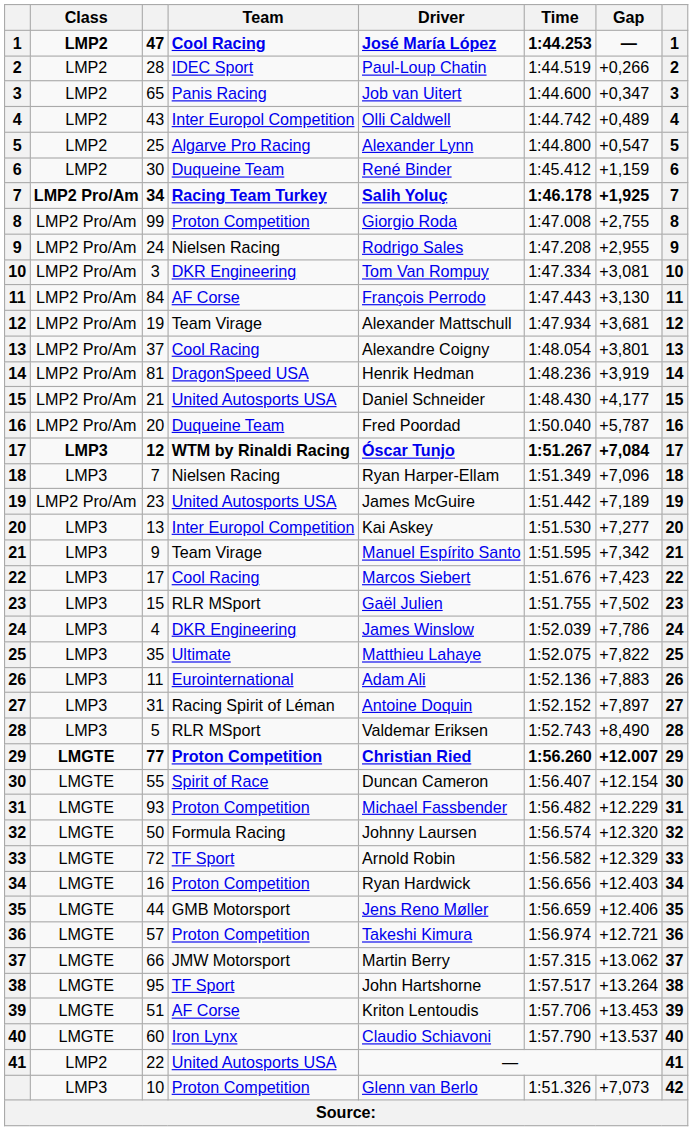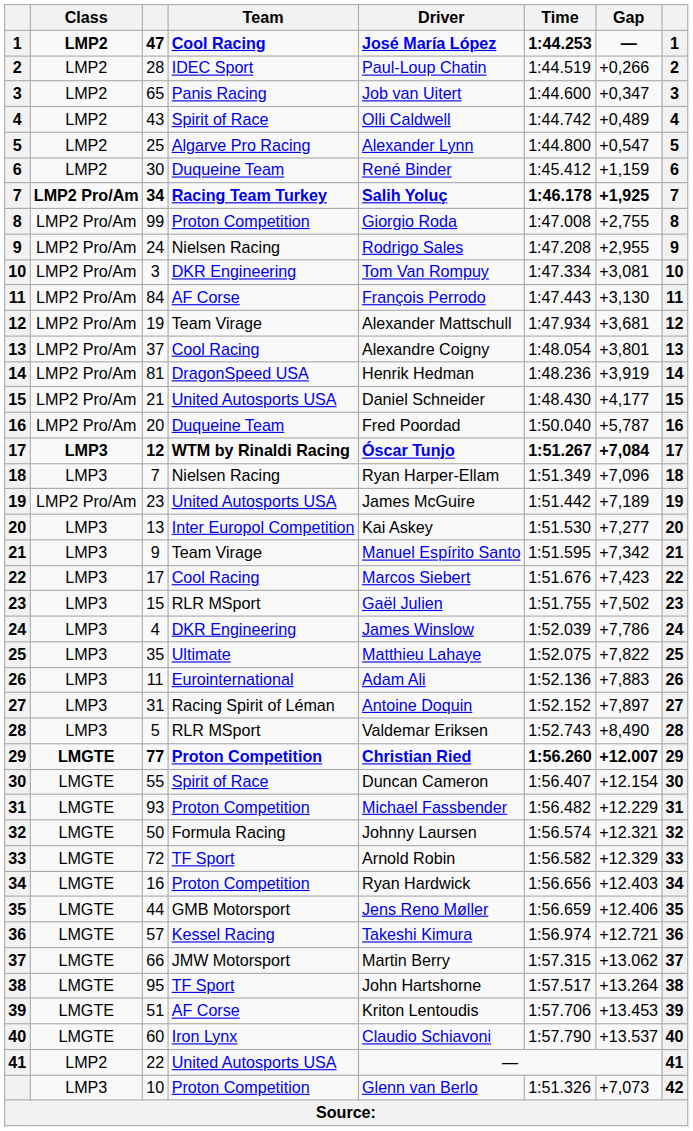 <table class="wikitable sortable" style="font-size: 90%;">
 <tr>
 <th></th>
 <th class="unsortable">Class</th>
 <th class="unsortable"></th>
 <th class="unsortable">Team</th>
 <th class="unsortable">Driver</th>
 <th class="unsortable">Time</th>
 <th class="unsortable">Gap</th>
 <th></th>
 </tr>
 <tr style="font-weight: bold;">
 <th>1</th>
 <td align="center">LMP2</td>
 <td align="center">47</td>
 <td> <a href='#'>Cool Racing</a></td>
 <td> <a href='#'>José María López</a></td>
 <td>1:44.253</td>
 <td align="center">—</td>
 <th>1</th>
 </tr>
 <tr>
 <th>2</th>
 <td align="center">LMP2</td>
 <td align="center">28</td>
 <td> <a href='#'>IDEC Sport</a></td>
 <td> <a href='#'>Paul-Loup Chatin</a></td>
 <td>1:44.519</td>
 <td>+0,266</td>
 <th>2</th>
 </tr>
 <tr>
 <th>3</th>
 <td align="center">LMP2</td>
 <td align="center">65</td>
 <td> <a href='#'>Panis Racing</a></td>
 <td> <a href='#'>Job van Uitert</a></td>
 <td>1:44.600</td>
 <td>+0,347</td>
 <th>3</th>
 </tr>
 <tr>
 <th>4</th>
 <td align="center">LMP2</td>
 <td align="center">43</td>
-<td> <a href='#'>Inter Europol Competition</a></td>
+<td> <a href='#'>Spirit of Race</a></td>
 <td> <a href='#'>Olli Caldwell</a></td>
 <td>1:44.742</td>
 <td>+0,489</td>
 <th>4</th>
 </tr>
 <tr>
 <th>5</th>
 <td align="center">LMP2</td>
 <td align="center">25</td>
 <td> <a href='#'>Algarve Pro Racing</a></td>
 <td> <a href='#'>Alexander Lynn</a></td>
 <td>1:44.800</td>
 <td>+0,547</td>
 <th>5</th>
 </tr>
 <tr>
 <th>6</th>
 <td align="center">LMP2</td>
 <td align="center">30</td>
 <td> <a href='#'>Duqueine Team</a></td>
 <td> <a href='#'>René Binder</a></td>
 <td>1:45.412</td>
 <td>+1,159</td>
 <th>6</th>
 </tr>
 <tr style="font-weight: bold;">
 <th>7</th>
 <td align="center">LMP2 Pro/Am</td>
 <td align="center">34</td>
 <td> <a href='#'>Racing Team Turkey</a></td>
 <td> <a href='#'>Salih Yoluç</a></td>
 <td>1:46.178</td>
 <td>+1,925</td>
 <th>7</th>
 </tr>
 <tr>
 <th>8</th>
 <td align="center">LMP2 Pro/Am</td>
 <td align="center">99</td>
 <td> <a href='#'>Proton Competition</a></td>
 <td> <a href='#'>Giorgio Roda</a></td>
 <td>1:47.008</td>
 <td>+2,755</td>
 <th>8</th>
 </tr>
 <tr>
 <th>9</th>
 <td align="center">LMP2 Pro/Am</td>
 <td align="center">24</td>
 <td> Nielsen Racing</td>
 <td> <a href='#'>Rodrigo Sales</a></td>
 <td>1:47.208</td>
 <td>+2,955</td>
 <th>9</th>
 </tr>
 <tr>
 <th>10</th>
 <td align="center">LMP2 Pro/Am</td>
 <td align="center">3</td>
 <td> <a href='#'>DKR Engineering</a></td>
 <td> <a href='#'>Tom Van Rompuy</a></td>
 <td>1:47.334</td>
 <td>+3,081</td>
 <th>10</th>
 </tr>
 <tr>
 <th>11</th>
 <td align="center">LMP2 Pro/Am</td>
 <td align="center">84</td>
 <td> <a href='#'>AF Corse</a></td>
 <td> <a href='#'>François Perrodo</a></td>
 <td>1:47.443</td>
 <td>+3,130</td>
 <th>11</th>
 </tr>
 <tr>
 <th>12</th>
 <td align="center">LMP2 Pro/Am</td>
 <td align="center">19</td>
 <td> Team Virage</td>
 <td> Alexander Mattschull</td>
 <td>1:47.934</td>
 <td>+3,681</td>
 <th>12</th>
 </tr>
 <tr>
 <th>13</th>
 <td align="center">LMP2 Pro/Am</td>
 <td align="center">37</td>
 <td> <a href='#'>Cool Racing</a></td>
 <td> Alexandre Coigny</td>
 <td>1:48.054</td>
 <td>+3,801</td>
 <th>13</th>
 </tr>
 <tr>
 <th>14</th>
 <td align="center">LMP2 Pro/Am</td>
 <td align="center">81</td>
 <td> <a href='#'>DragonSpeed USA</a></td>
 <td> Henrik Hedman</td>
 <td>1:48.236</td>
 <td>+3,919</td>
 <th>14</th>
 </tr>
 <tr>
 <th>15</th>
 <td align="center">LMP2 Pro/Am</td>
 <td align="center">21</td>
 <td> <a href='#'>United Autosports USA</a></td>
 <td> Daniel Schneider</td>
 <td>1:48.430</td>
 <td>+4,177</td>
 <th>15</th>
 </tr>
 <tr>
 <th>16</th>
 <td align="center">LMP2 Pro/Am</td>
 <td align="center">20</td>
 <td> <a href='#'>Duqueine Team</a></td>
 <td> Fred Poordad</td>
 <td>1:50.040</td>
 <td>+5,787</td>
 <th>16</th>
 </tr>
 <tr style="font-weight: bold;">
 <th>17</th>
 <td align="center">LMP3</td>
 <td align="center">12</td>
 <td> WTM by Rinaldi Racing</td>
 <td> <a href='#'>Óscar Tunjo</a></td>
 <td>1:51.267</td>
 <td>+7,084</td>
 <th>17</th>
 </tr>
 <tr>
 <th>18</th>
 <td align="center">LMP3</td>
 <td align="center">7</td>
 <td> Nielsen Racing</td>
 <td> Ryan Harper-Ellam</td>
 <td>1:51.349</td>
 <td>+7,096</td>
 <th>18</th>
 </tr>
 <tr>
 <th>19</th>
 <td align="center">LMP2 Pro/Am</td>
 <td align="center">23</td>
 <td> <a href='#'>United Autosports USA</a></td>
 <td> James McGuire</td>
 <td>1:51.442</td>
 <td>+7,189</td>
 <th>19</th>
 </tr>
 <tr>
 <th>20</th>
 <td align="center">LMP3</td>
 <td align="center">13</td>
 <td> <a href='#'>Inter Europol Competition</a></td>
 <td> Kai Askey</td>
 <td>1:51.530</td>
 <td>+7,277</td>
 <th>20</th>
 </tr>
 <tr>
 <th>21</th>
 <td align="center">LMP3</td>
 <td align="center">9</td>
 <td> Team Virage</td>
 <td> <a href='#'>Manuel Espírito Santo</a></td>
 <td>1:51.595</td>
 <td>+7,342</td>
 <th>21</th>
 </tr>
 <tr>
 <th>22</th>
 <td align="center">LMP3</td>
 <td align="center">17</td>
 <td> <a href='#'>Cool Racing</a></td>
 <td> <a href='#'>Marcos Siebert</a></td>
 <td>1:51.676</td>
 <td>+7,423</td>
 <th>22</th>
 </tr>
 <tr>
 <th>23</th>
 <td align="center">LMP3</td>
 <td align="center">15</td>
 <td> RLR MSport</td>
 <td> <a href='#'>Gaël Julien</a></td>
 <td>1:51.755</td>
 <td>+7,502</td>
 <th>23</th>
 </tr>
 <tr>
 <th>24</th>
 <td align="center">LMP3</td>
 <td align="center">4</td>
 <td> <a href='#'>DKR Engineering</a></td>
 <td> <a href='#'>James Winslow</a></td>
 <td>1:52.039</td>
 <td>+7,786</td>
 <th>24</th>
 </tr>
 <tr>
 <th>25</th>
 <td align="center">LMP3</td>
 <td align="center">35</td>
 <td> <a href='#'>Ultimate</a></td>
 <td> <a href='#'>Matthieu Lahaye</a></td>
 <td>1:52.075</td>
 <td>+7,822</td>
 <th>25</th>
 </tr>
 <tr>
 <th>26</th>
 <td align="center">LMP3</td>
 <td align="center">11</td>
 <td> <a href='#'>Eurointernational</a></td>
 <td> <a href='#'>Adam Ali</a></td>
 <td>1:52.136</td>
 <td>+7,883</td>
 <th>26</th>
 </tr>
 <tr>
 <th>27</th>
 <td align="center">LMP3</td>
 <td align="center">31</td>
 <td> Racing Spirit of Léman</td>
 <td> <a href='#'>Antoine Doquin</a></td>
 <td>1:52.152</td>
 <td>+7,897</td>
 <th>27</th>
 </tr>
 <tr>
 <th>28</th>
 <td align="center">LMP3</td>
 <td align="center">5</td>
 <td> RLR MSport</td>
 <td> Valdemar Eriksen</td>
 <td>1:52.743</td>
 <td>+8,490</td>
 <th>28</th>
 </tr>
 <tr style="font-weight: bold;">
 <th>29</th>
 <td align="center">LMGTE</td>
 <td align="center">77</td>
 <td> <a href='#'>Proton Competition</a></td>
 <td> <a href='#'>Christian Ried</a></td>
 <td>1:56.260</td>
 <td>+12.007</td>
 <th>29</th>
 </tr>
 <tr>
 <th>30</th>
 <td align="center">LMGTE</td>
 <td align="center">55</td>
 <td> <a href='#'>Spirit of Race</a></td>
 <td> Duncan Cameron</td>
 <td>1:56.407</td>
 <td>+12.154</td>
 <th>30</th>
 </tr>
 <tr>
 <th>31</th>
 <td align="center">LMGTE</td>
 <td align="center">93</td>
 <td> <a href='#'>Proton Competition</a></td>
 <td> <a href='#'>Michael Fassbender</a></td>
 <td>1:56.482</td>
 <td>+12.229</td>
 <th>31</th>
 </tr>
 <tr>
 <th>32</th>
 <td align="center">LMGTE</td>
 <td align="center">50</td>
 <td> Formula Racing</td>
 <td> Johnny Laursen</td>
 <td>1:56.574</td>
-<td>+12.320</td>
+<td>+12.321</td>
 <th>32</th>
 </tr>
 <tr>
 <th>33</th>
 <td align="center">LMGTE</td>
 <td align="center">72</td>
 <td> <a href='#'>TF Sport</a></td>
 <td> Arnold Robin</td>
 <td>1:56.582</td>
 <td>+12.329</td>
 <th>33</th>
 </tr>
 <tr>
 <th>34</th>
 <td align="center">LMGTE</td>
 <td align="center">16</td>
 <td> <a href='#'>Proton Competition</a></td>
 <td> Ryan Hardwick</td>
 <td>1:56.656</td>
 <td>+12.403</td>
 <th>34</th>
 </tr>
 <tr>
 <th>35</th>
 <td align="center">LMGTE</td>
 <td align="center">44</td>
 <td> GMB Motorsport</td>
 <td> <a href='#'>Jens Reno Møller</a></td>
 <td>1:56.659</td>
 <td>+12.406</td>
 <th>35</th>
 </tr>
 <tr>
 <th>36</th>
 <td align="center">LMGTE</td>
 <td align="center">57</td>
-<td> <a href='#'>Proton Competition</a></td>
+<td> <a href='#'>Kessel Racing</a></td>
 <td> <a href='#'>Takeshi Kimura</a></td>
 <td>1:56.974</td>
 <td>+12.721</td>
 <th>36</th>
 </tr>
 <tr>
 <th>37</th>
 <td align="center">LMGTE</td>
 <td align="center">66</td>
 <td> JMW Motorsport</td>
 <td> Martin Berry</td>
 <td>1:57.315</td>
 <td>+13.062</td>
 <th>37</th>
 </tr>
 <tr>
 <th>38</th>
 <td align="center">LMGTE</td>
 <td align="center">95</td>
 <td> <a href='#'>TF Sport</a></td>
 <td> John Hartshorne</td>
 <td>1:57.517</td>
 <td>+13.264</td>
 <th>38</th>
 </tr>
 <tr>
 <th>39</th>
 <td align="center">LMGTE</td>
 <td align="center">51</td>
 <td> <a href='#'>AF Corse</a></td>
 <td> Kriton Lentoudis</td>
 <td>1:57.706</td>
 <td>+13.453</td>
 <th>39</th>
 </tr>
 <tr>
 <th>40</th>
 <td align="center">LMGTE</td>
 <td align="center">60</td>
 <td> <a href='#'>Iron Lynx</a></td>
 <td> <a href='#'>Claudio Schiavoni</a></td>
 <td>1:57.790</td>
 <td>+13.537</td>
 <th>40</th>
 </tr>
 <tr>
 <th>41</th>
 <td align="center">LMP2</td>
 <td align="center">22</td>
 <td> <a href='#'>United Autosports USA</a></td>
 <td colspan="3" align="center">—</td>
 <th>41</th>
 </tr>
 <tr>
 <th></th>
 <td align="center">LMP3</td>
 <td align="center">10</td>
 <td> <a href='#'>Proton Competition</a></td>
 <td> <a href='#'>Glenn van Berlo</a></td>
 <td>1:51.326</td>
 <td>+7,073</td>
 <th>42</th>
 </tr>
 <tr>
 <th colspan="8">Source:</th>
 </tr>
 </table>
